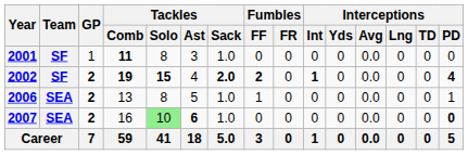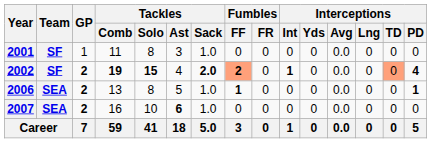 <table class="wikitable" style="text-align:center">
 <tr>
 <th rowspan="2">Year</th>
 <th rowspan="2">Team</th>
 <th rowspan="2">GP</th>
 <th colspan="4">Tackles</th>
 <th colspan="2">Fumbles</th>
 <th colspan="6">Interceptions</th>
 </tr>
 <tr>
 <th>Comb</th>
 <th>Solo</th>
 <th>Ast</th>
 <th>Sack</th>
 <th>FF</th>
 <th>FR</th>
 <th>Int</th>
 <th>Yds</th>
 <th>Avg</th>
 <th>Lng</th>
 <th>TD</th>
 <th>PD</th>
 </tr>
 <tr>
 <th><a href='#'>2001</a></th>
 <th><a href='#'>SF</a></th>
 <td>1</td>
-<td><strong>11</strong></td>
+<td>11</td>
 <td>8</td>
 <td>3</td>
 <td>1.0</td>
 <td>0</td>
 <td>0</td>
 <td>0</td>
 <td>0</td>
 <td>0.0</td>
 <td>0</td>
 <td>0</td>
 <td>0</td>
 </tr>
 <tr>
 <th><a href='#'>2002</a></th>
 <th><a href='#'>SF</a></th>
 <td><strong>2</strong></td>
 <td><strong>19</strong></td>
 <td><strong>15</strong></td>
 <td>4</td>
 <td><strong>2.0</strong></td>
-<td><strong>2</strong></td>
+<td style="background: lightsalmon;"><strong>2</strong></td>
 <td>0</td>
 <td><strong>1</strong></td>
 <td>0</td>
 <td>0.0</td>
 <td>0</td>
-<td>0</td>
+<td style="background: lightsalmon;">0</td>
 <td><strong>4</strong></td>
 </tr>
 <tr>
 <th><a href='#'>2006</a></th>
 <th><a href='#'>SEA</a></th>
 <td><strong>2</strong></td>
 <td>13</td>
 <td>8</td>
 <td>5</td>
 <td>1.0</td>
-<td>1</td>
+<td><strong>1</strong></td>
 <td>0</td>
 <td>0</td>
 <td>0</td>
 <td>0.0</td>
 <td>0</td>
 <td>0</td>
-<td>1</td>
+<td><strong>1</strong></td>
 </tr>
 <tr>
 <th><a href='#'>2007</a></th>
 <th><a href='#'>SEA</a></th>
 <td><strong>2</strong></td>
 <td>16</td>
-<td style="background: lightgreen;">10</td>
+<td>10</td>
 <td><strong>6</strong></td>
 <td>1.0</td>
 <td>0</td>
 <td>0</td>
 <td>0</td>
 <td>0</td>
 <td>0.0</td>
 <td>0</td>
 <td>0</td>
-<td><strong>0</strong></td>
+<td>0</td>
 </tr>
 <tr>
 <th colspan="2">Career</th>
 <th>7</th>
 <th>59</th>
 <th>41</th>
 <th>18</th>
 <th>5.0</th>
 <th>3</th>
 <th>0</th>
 <th>1</th>
 <th>0</th>
 <th>0.0</th>
 <th>0</th>
 <th>0</th>
 <th>5</th>
 </tr>
 </table>
